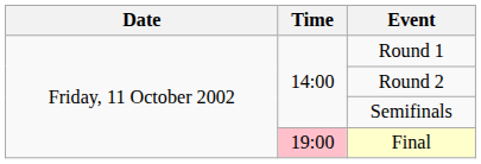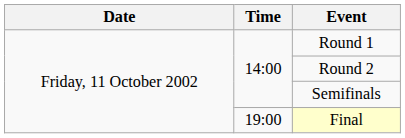 <table class = "wikitable" style="text-align:center;">
 <tr>
 <th width=220>Date</th>
 <th width=50>Time</th>
 <th width=100>Event</th>
 </tr>
 <tr>
 <td rowspan=4>Friday, 11 October 2002</td>
 <td rowspan=3>14:00</td>
 <td>Round 1</td>
 </tr>
 <tr>
 <td>Round 2</td>
 </tr>
 <tr>
 <td>Semifinals</td>
 </tr>
 <tr>
-<td style="background: pink;">19:00</td>
+<td>19:00</td>
 <td bgcolor=ffffcc>Final</td>
 </tr>
 </table>
